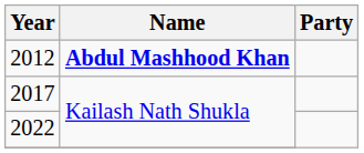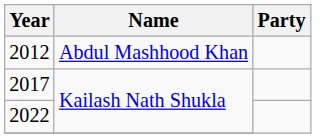 <table class="wikitable sortable">
 <tr>
 <th>Year</th>
 <th>Name</th>
 <th colspan=2>Party</th>
 </tr>
 <tr>
 <td>2012</td>
-<td><strong><a href='#'>Abdul Mashhood Khan</a></strong></td>
+<td><a href='#'>Abdul Mashhood Khan</a></td>
 <td></td>
 </tr>
 <tr>
 <td>2017</td>
 <td rowspan=2><a href='#'>Kailash Nath Shukla</a></td>
 <td></td>
 </tr>
 <tr>
 <td>2022</td>
 </tr>
 <tr>
 </tr>
 </table>
